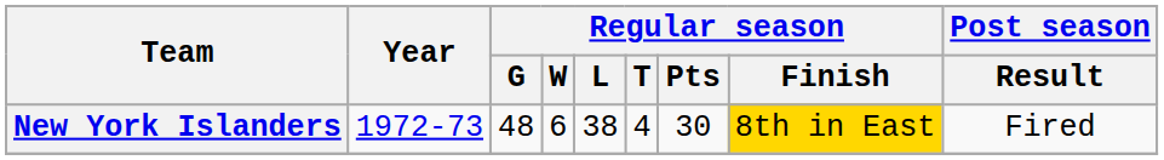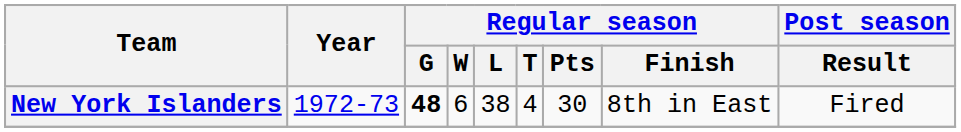 <table class="wikitable" style="font-size: 95%; text-align:center;">
 <tr>
 <th rowspan="2">Team</th>
 <th rowspan="2">Year</th>
 <th colspan="6"><a href='#'>Regular season</a></th>
 <th colspan="1"><a href='#'>Post season</a></th>
 </tr>
 <tr>
 <th>G</th>
 <th>W</th>
 <th>L</th>
 <th>T</th>
 <th>Pts</th>
 <th>Finish</th>
 <th>Result</th>
 </tr>
 <tr>
 <th><a href='#'>New York Islanders</a></th>
 <td><a href='#'>1972-73</a></td>
-<td>48</td>
+<td><strong>48</strong></td>
 <td>6</td>
 <td>38</td>
 <td>4</td>
 <td>30</td>
-<td style="background: gold;">8th in East</td>
+<td>8th in East</td>
 <td>Fired</td>
 </tr>
 <tr>
 </tr>
 </table>
